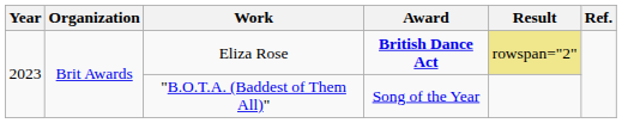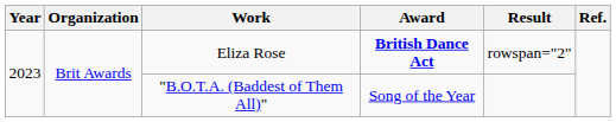 <table class="wikitable plainrowheaders" style="text-align:center;">
 <tr>
 <th>Year</th>
 <th>Organization</th>
 <th>Work</th>
 <th>Award</th>
 <th>Result</th>
 <th>Ref.</th>
 </tr>
 <tr>
 <td rowspan=2>2023</td>
 <td rowspan=2><a href='#'>Brit Awards</a></td>
 <td>Eliza Rose</td>
 <td><strong><a href='#'>British Dance Act</a></strong></td>
-<td style="background: khaki;">rowspan="2" </td>
+<td>rowspan="2" </td>
 <td rowspan=2></td>
 </tr>
 <tr>
 <td>"<a href='#'>B.O.T.A. (Baddest of Them All)</a>"</td>
 <td><a href='#'>Song of the Year</a></td>
 </tr>
 </table>
